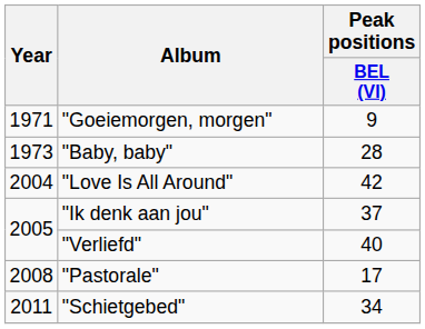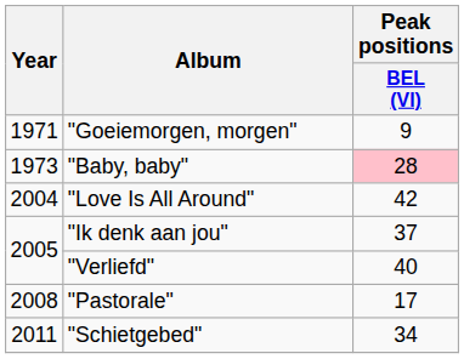 <table class="wikitable">
 <tr>
 <th align="center" rowspan="2" width="10">Year</th>
 <th align="center" rowspan="2" width="210">Album</th>
 <th align="center" colspan="1" width="20">Peak positions</th>
 </tr>
 <tr>
 <th scope="col" style="width:3em;font-size:90%;"><a href='#'>BEL <br>(Vl)</a><br></th>
 </tr>
 <tr>
 <td style="text-align:center;">1971</td>
 <td>"Goeiemorgen, morgen"</td>
 <td style="text-align:center;">9</td>
 </tr>
 <tr>
 <td style="text-align:center;">1973</td>
 <td>"Baby, baby"</td>
-<td style="text-align:center;">28</td>
+<td style="background: pink; text-align:center;">28</td>
 </tr>
 <tr>
 <td style="text-align:center;">2004</td>
 <td>"Love Is All Around"</td>
 <td style="text-align:center;">42</td>
 </tr>
 <tr>
 <td style="text-align:center;"rowspan=2>2005</td>
 <td>"Ik denk aan jou"</td>
 <td style="text-align:center;">37</td>
 </tr>
 <tr>
 <td>"Verliefd"</td>
 <td style="text-align:center;">40</td>
 </tr>
 <tr>
 <td style="text-align:center;">2008</td>
 <td>"Pastorale"</td>
 <td style="text-align:center;">17</td>
 </tr>
 <tr>
 <td style="text-align:center;">2011</td>
 <td>"Schietgebed"</td>
 <td style="text-align:center;">34</td>
 </tr>
 <tr>
 </tr>
 </table>
